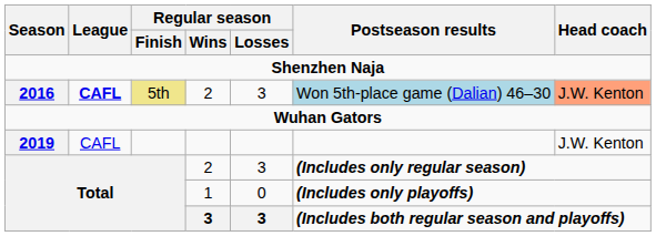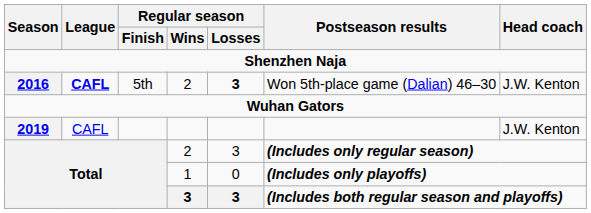 <table class="wikitable" style="font-size: 95%">
 <tr>
 <th rowspan="2">Season</th>
 <th rowspan="2">League</th>
 <th colspan="3">Regular season</th>
 <th rowspan="2">Postseason results</th>
 <th rowspan="2">Head coach</th>
 </tr>
 <tr>
 <th>Finish</th>
 <th>Wins</th>
 <th>Losses</th>
 </tr>
 <tr>
 <td align="center" colspan="12"><strong>Shenzhen Naja</strong></td>
 </tr>
 <tr>
 <th align="center"><a href='#'>2016</a></th>
 <td align="center"><strong><a href='#'>CAFL</a></strong></td>
-<td align="center" style="background: khaki;">5th</td>
+<td align="center">5th</td>
 <td align="center">2</td>
-<td align="center">3</td>
-<td style="background: lightblue;">Won 5th-place game (<a href='#'>Dalian</a>) 46–30</td>
-<td style="background: lightsalmon;">J.W. Kenton</td>
+<td align="center"><strong>3</strong></td>
+<td>Won 5th-place game (<a href='#'>Dalian</a>) 46–30</td>
+<td>J.W. Kenton</td>
 </tr>
 <tr>
 <td align="center" colspan="12"><strong>Wuhan Gators</strong></td>
 </tr>
 <tr>
 <th align="center"><a href='#'>2019</a></th>
 <td align="center"><a href='#'>CAFL</a></td>
 <td align="center"></td>
 <td align="center"></td>
 <td align="center"></td>
 <td></td>
 <td>J.W. Kenton</td>
 </tr>
 <tr>
 <th align="center" rowSpan="3" colSpan="3">Total</th>
 <td align="center">2</td>
 <td align="center">3</td>
 <td colSpan="3"><strong><em>(Includes only regular season)</em></strong></td>
 </tr>
 <tr>
 <td align="center">1</td>
 <td align="center">0</td>
 <td colSpan="3"><strong><em>(Includes only playoffs)</em></strong></td>
 </tr>
 <tr>
 <th align="center">3</th>
 <th align="center">3</th>
 <td colSpan="3"><strong><em>(Includes both regular season and playoffs)</em></strong></td>
 </tr>
 </table>
